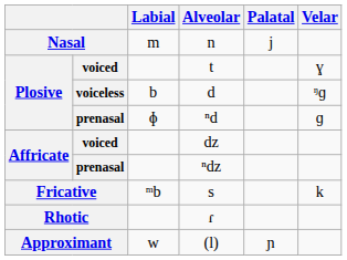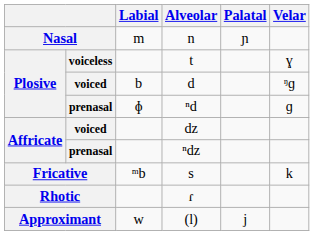 <table class="wikitable" style="text-align:center">
 <tr>
 <th colspan="2"></th>
 <th><a href='#'>Labial</a></th>
 <th><a href='#'>Alveolar</a></th>
 <th><a href='#'>Palatal</a></th>
 <th><a href='#'>Velar</a></th>
 </tr>
 <tr>
 <th colspan="2"><a href='#'>Nasal</a></th>
 <td>m</td>
 <td>n</td>
-<td>j</td>
+<td>ɲ</td>
 <td></td>
 </tr>
 <tr>
 <th rowspan="3"><a href='#'>Plosive</a></th>
-<th><small>voiced</small></th>
+<th><small>voiceless</small></th>
 <td></td>
 <td>t</td>
 <td></td>
 <td>ɣ</td>
 </tr>
 <tr>
-<th><small>voiceless</small></th>
+<th><small>voiced</small></th>
 <td>b</td>
 <td>d</td>
 <td></td>
 <td>ᵑɡ</td>
 </tr>
 <tr>
 <th><small>prenasal</small></th>
 <td>ɸ</td>
 <td>ⁿd</td>
 <td></td>
 <td>ɡ</td>
 </tr>
 <tr>
 <th rowspan="2"><a href='#'>Affricate</a></th>
 <th><small>voiced</small></th>
 <td></td>
 <td>dz</td>
 <td></td>
 <td></td>
 </tr>
 <tr>
 <th><small>prenasal</small></th>
 <td></td>
 <td>ⁿdz</td>
 <td></td>
 <td></td>
 </tr>
 <tr>
 <th colspan="2"><a href='#'>Fricative</a></th>
 <td>ᵐb</td>
 <td>s</td>
 <td></td>
 <td>k</td>
 </tr>
 <tr>
 <th colspan="2"><a href='#'>Rhotic</a></th>
 <td></td>
 <td>ɾ</td>
 <td></td>
 <td></td>
 </tr>
 <tr>
 <th colspan="2"><a href='#'>Approximant</a></th>
 <td>w</td>
 <td>(l)</td>
-<td>ɲ</td>
+<td>j</td>
 <td></td>
 </tr>
 </table>
